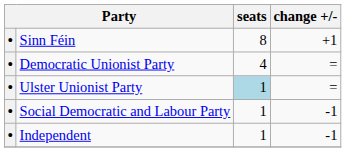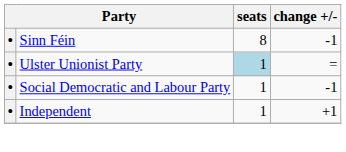 <table class="wikitable" style="font-size: 95%;">
 <tr>
 <th colspan=2>Party</th>
 <th>seats</th>
 <th>change +/-</th>
 </tr>
 <tr>
 <th style="background-color: "><span>•</span></th>
 <td><a href='#'>Sinn Féin</a></td>
 <td align="right">8</td>
-<td align="right">+1</td>
-</tr>
-<tr>
-<th style="background-color: "><span>•</span></th>
-<td><a href='#'>Democratic Unionist Party</a></td>
-<td align="right">4</td>
-<td align="right">=</td>
+<td align="right">-1</td>
 </tr>
 <tr>
 <th style="background-color: "><span>•</span></th>
 <td><a href='#'>Ulster Unionist Party</a></td>
 <td align="right" style="background: lightblue;">1</td>
 <td align="right">=</td>
 </tr>
 <tr>
 <th style="background-color: "><span>•</span></th>
 <td><a href='#'>Social Democratic and Labour Party</a></td>
 <td align="right">1</td>
 <td align="right">-1</td>
 </tr>
 <tr>
 <th style="background-color: "><span>•</span></th>
 <td><a href='#'>Independent</a></td>
 <td align="right">1</td>
-<td align="right">-1</td>
+<td align="right">+1</td>
 </tr>
 <tr>
 </tr>
 </table>
